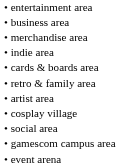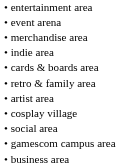 <table>
 <tr>
 <td>• entertainment area</td>
 </tr>
 <tr>
-<td>• business area</td>
+<td>• event arena</td>
 </tr>
 <tr>
 <td>• merchandise area</td>
 </tr>
 <tr>
 <td>• indie area</td>
 </tr>
 <tr>
 <td>• cards & boards area</td>
 </tr>
 <tr>
 <td>• retro & family area</td>
 </tr>
 <tr>
 <td>• artist area</td>
 </tr>
 <tr>
 <td>• cosplay village</td>
 </tr>
 <tr>
 <td>• social area</td>
 </tr>
 <tr>
 <td>• gamescom campus area</td>
 </tr>
 <tr>
-<td>• event arena</td>
+<td>• business area</td>
 </tr>
 </table>
